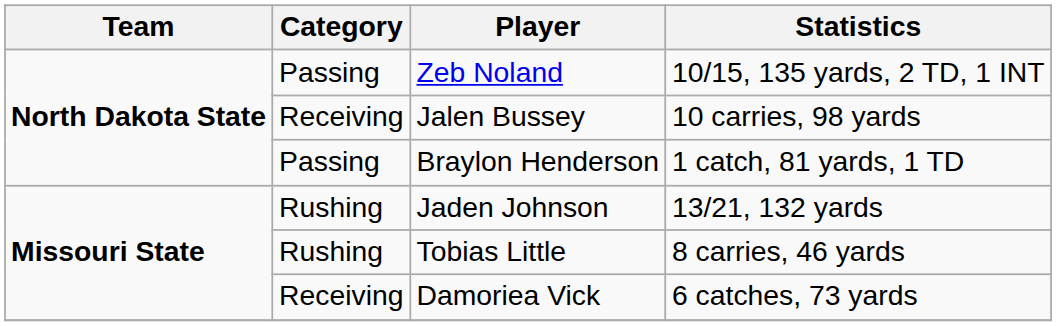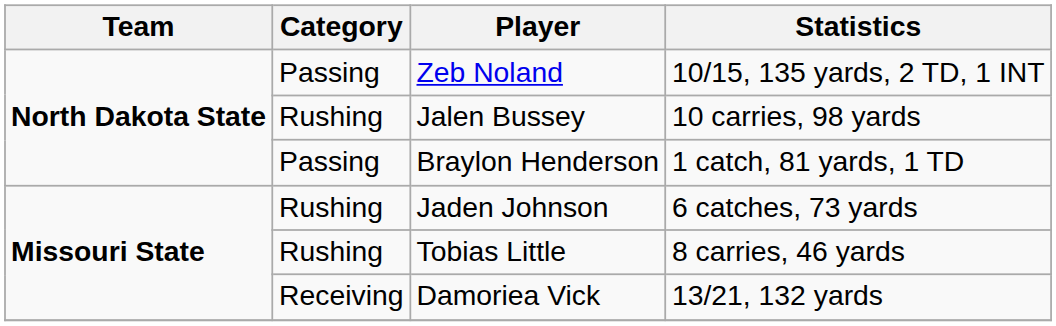 <table class="wikitable" style="float: right;">
 <tr>
 <th>Team</th>
 <th>Category</th>
 <th>Player</th>
 <th>Statistics</th>
 </tr>
 <tr>
 <td rowspan=3><strong>North Dakota State</strong></td>
 <td>Passing</td>
 <td><a href='#'>Zeb Noland</a></td>
 <td>10/15, 135 yards, 2 TD, 1 INT</td>
 </tr>
 <tr>
-<td>Receiving</td>
+<td>Rushing</td>
 <td>Jalen Bussey</td>
 <td>10 carries, 98 yards</td>
 </tr>
 <tr>
 <td>Passing</td>
 <td>Braylon Henderson</td>
 <td>1 catch, 81 yards, 1 TD</td>
 </tr>
 <tr>
 <td rowspan=3><strong>Missouri State</strong></td>
 <td>Rushing</td>
 <td>Jaden Johnson</td>
-<td>13/21, 132 yards</td>
+<td>6 catches, 73 yards</td>
 </tr>
 <tr>
 <td>Rushing</td>
 <td>Tobias Little</td>
 <td>8 carries, 46 yards</td>
 </tr>
 <tr>
 <td>Receiving</td>
 <td>Damoriea Vick</td>
-<td>6 catches, 73 yards</td>
+<td>13/21, 132 yards</td>
 </tr>
 <tr>
 </tr>
 </table>
